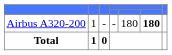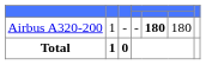 <table class="toccolours" border="1" cellpadding="3" style="border-collapse:collapse" align="center">
 <tr bgcolor=#4876FF>
 <th rowspan="2" align=centre></th>
 <th rowspan="2" align=centre></th>
 <th rowspan="2" align=centre></th>
 <th colspan="3" align=centre></th>
 <th rowspan="2" align=centre></th>
 </tr>
 <tr bgcolor=#4876FF>
 <th></th>
 <th></th>
 <th></th>
 </tr>
 <tr>
 <td><a href='#'>Airbus A320-200</a></td>
 <td align=center>1</td>
 <td align=center>-</td>
 <td align=center>-</td>
+<td align=center><strong>180</strong></td>
 <td align=center>180</td>
-<td align=center><strong>180</strong></td>
 <td></td>
 </tr>
 <tr>
 <th>Total</th>
 <th>1</th>
 <th>0</th>
 <th colspan="3"></th>
 <th></th>
 </tr>
 </table>
